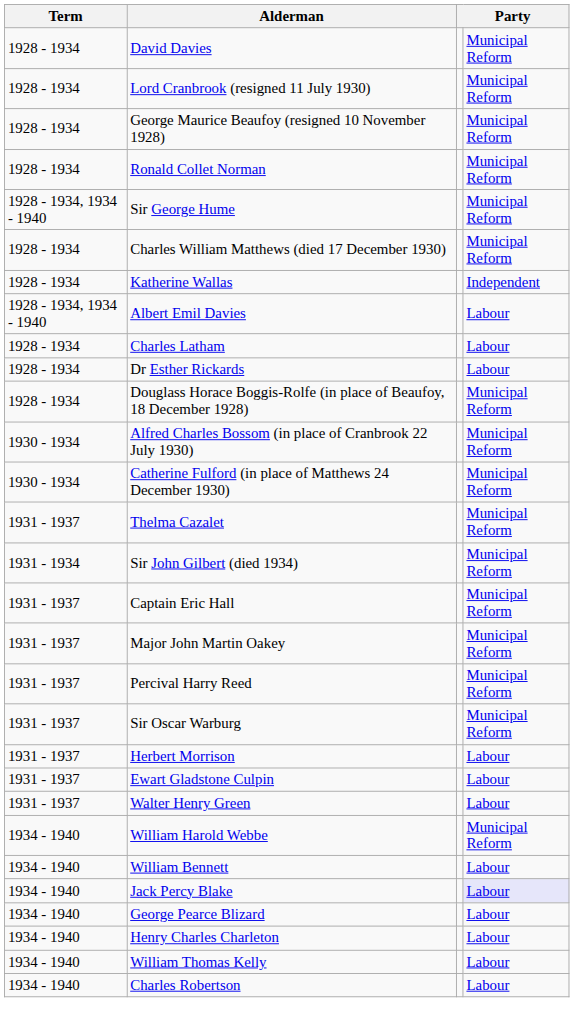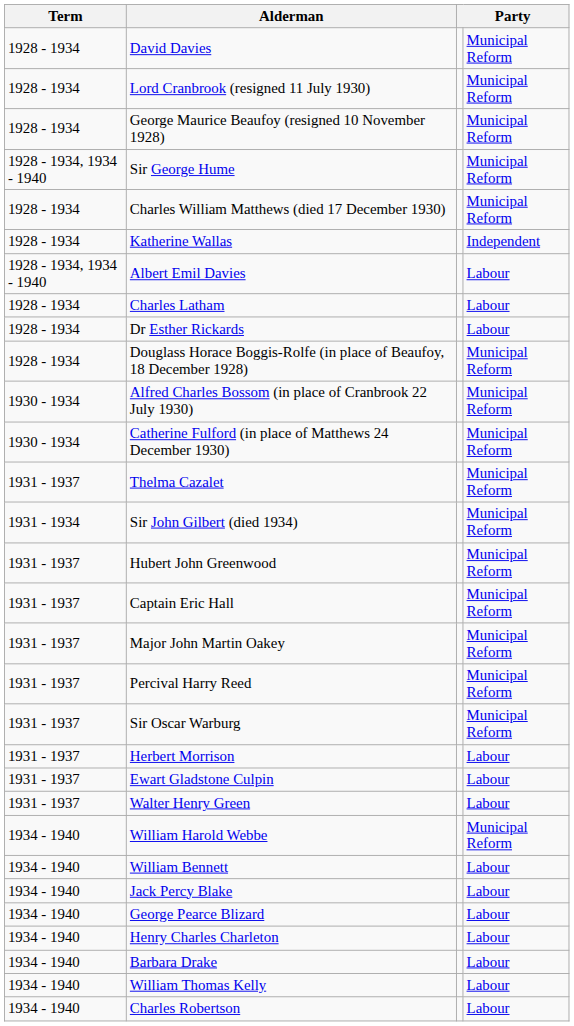 <table class="wikitable" border="1">
 <tr>
 <th>Term</th>
 <th>Alderman</th>
 <th colspan=2!>Party</th>
 </tr>
 <tr>
 <td>1928 - 1934</td>
 <td><a href='#'>David Davies</a></td>
 <td style="background-color: "></td>
 <td><a href='#'>Municipal Reform</a></td>
 </tr>
 <tr>
 <td>1928 - 1934</td>
 <td><a href='#'>Lord Cranbrook</a> (resigned 11 July 1930)</td>
 <td style="background-color: "></td>
 <td><a href='#'>Municipal Reform</a></td>
 </tr>
 <tr>
 <td>1928 - 1934</td>
 <td>George Maurice Beaufoy (resigned 10 November 1928)</td>
-<td style="background-color: "></td>
-<td><a href='#'>Municipal Reform</a></td>
-</tr>
-<tr>
-<td>1928 - 1934</td>
-<td><a href='#'>Ronald Collet Norman</a></td>
 <td style="background-color: "></td>
 <td><a href='#'>Municipal Reform</a></td>
 </tr>
 <tr>
 <td>1928 - 1934, 1934 - 1940</td>
 <td>Sir <a href='#'>George Hume</a></td>
 <td style="background-color: "></td>
 <td><a href='#'>Municipal Reform</a></td>
 </tr>
 <tr>
 <td>1928 - 1934</td>
 <td>Charles William Matthews (died 17 December 1930)</td>
 <td style="background-color: "></td>
 <td><a href='#'>Municipal Reform</a></td>
 </tr>
 <tr>
 <td>1928 - 1934</td>
 <td><a href='#'>Katherine Wallas</a></td>
 <td style="background-color: "></td>
 <td><a href='#'>Independent</a></td>
 </tr>
 <tr>
 <td>1928 - 1934, 1934 - 1940</td>
 <td><a href='#'>Albert Emil Davies</a></td>
 <td style="background-color: "></td>
 <td><a href='#'>Labour</a></td>
 </tr>
 <tr>
 <td>1928 - 1934</td>
 <td><a href='#'>Charles Latham</a></td>
 <td style="background-color: "></td>
 <td><a href='#'>Labour</a></td>
 </tr>
 <tr>
 <td>1928 - 1934</td>
 <td>Dr <a href='#'>Esther Rickards</a></td>
 <td style="background-color: "></td>
 <td><a href='#'>Labour</a></td>
 </tr>
 <tr>
 <td>1928 - 1934</td>
 <td>Douglass Horace Boggis-Rolfe (in place of Beaufoy, 18 December 1928)</td>
 <td style="background-color: "></td>
 <td><a href='#'>Municipal Reform</a></td>
 </tr>
 <tr>
 <td>1930 - 1934</td>
 <td><a href='#'>Alfred Charles Bossom</a> (in place of Cranbrook 22 July 1930)</td>
 <td style="background-color: "></td>
 <td><a href='#'>Municipal Reform</a></td>
 </tr>
 <tr>
 <td>1930 - 1934</td>
 <td><a href='#'>Catherine Fulford</a> (in place of Matthews 24 December 1930)</td>
 <td style="background-color: "></td>
 <td><a href='#'>Municipal Reform</a></td>
 </tr>
 <tr>
 <td>1931 - 1937</td>
 <td><a href='#'>Thelma Cazalet</a></td>
 <td style="background-color: "></td>
 <td><a href='#'>Municipal Reform</a></td>
 </tr>
 <tr>
 <td>1931 - 1934</td>
 <td>Sir <a href='#'>John Gilbert</a> (died 1934)</td>
 <td style="background-color: "></td>
 <td><a href='#'>Municipal Reform</a></td>
 </tr>
 <tr>
 <td>1931 - 1937</td>
+<td>Hubert John Greenwood</td>
+<td style="background-color: "></td>
+<td><a href='#'>Municipal Reform</a></td>
+</tr>
+<tr>
+<td>1931 - 1937</td>
 <td>Captain Eric Hall</td>
 <td style="background-color: "></td>
 <td><a href='#'>Municipal Reform</a></td>
 </tr>
 <tr>
 <td>1931 - 1937</td>
 <td>Major John Martin Oakey</td>
 <td style="background-color: "></td>
 <td><a href='#'>Municipal Reform</a></td>
 </tr>
 <tr>
 <td>1931 - 1937</td>
 <td>Percival Harry Reed</td>
 <td style="background-color: "></td>
 <td><a href='#'>Municipal Reform</a></td>
 </tr>
 <tr>
 <td>1931 - 1937</td>
 <td>Sir Oscar Warburg</td>
 <td style="background-color: "></td>
 <td><a href='#'>Municipal Reform</a></td>
 </tr>
 <tr>
 <td>1931 - 1937</td>
 <td><a href='#'>Herbert Morrison</a></td>
 <td style="background-color: "></td>
 <td><a href='#'>Labour</a></td>
 </tr>
 <tr>
 <td>1931 - 1937</td>
 <td><a href='#'>Ewart Gladstone Culpin</a></td>
 <td style="background-color: "></td>
 <td><a href='#'>Labour</a></td>
 </tr>
 <tr>
 <td>1931 - 1937</td>
 <td><a href='#'>Walter Henry Green</a></td>
 <td style="background-color: "></td>
 <td><a href='#'>Labour</a></td>
 </tr>
 <tr>
 <td>1934 - 1940</td>
 <td><a href='#'>William Harold Webbe</a></td>
 <td style="background-color: "></td>
 <td><a href='#'>Municipal Reform</a></td>
 </tr>
 <tr>
 <td>1934 - 1940</td>
 <td><a href='#'>William Bennett</a></td>
 <td style="background-color: "></td>
 <td><a href='#'>Labour</a></td>
 </tr>
 <tr>
 <td>1934 - 1940</td>
 <td><a href='#'>Jack Percy Blake</a></td>
 <td style="background-color: "></td>
-<td style="background: lavender;"><a href='#'>Labour</a></td>
+<td><a href='#'>Labour</a></td>
 </tr>
 <tr>
 <td>1934 - 1940</td>
 <td><a href='#'>George Pearce Blizard</a></td>
 <td style="background-color: "></td>
 <td><a href='#'>Labour</a></td>
 </tr>
 <tr>
 <td>1934 - 1940</td>
 <td><a href='#'>Henry Charles Charleton</a></td>
+<td style="background-color: "></td>
+<td><a href='#'>Labour</a></td>
+</tr>
+<tr>
+<td>1934 - 1940</td>
+<td><a href='#'>Barbara Drake</a></td>
 <td style="background-color: "></td>
 <td><a href='#'>Labour</a></td>
 </tr>
 <tr>
 <td>1934 - 1940</td>
 <td><a href='#'>William Thomas Kelly</a></td>
 <td style="background-color: "></td>
 <td><a href='#'>Labour</a></td>
 </tr>
 <tr>
 <td>1934 - 1940</td>
 <td><a href='#'>Charles Robertson</a></td>
 <td style="background-color: "></td>
 <td><a href='#'>Labour</a></td>
 </tr>
 </table>
